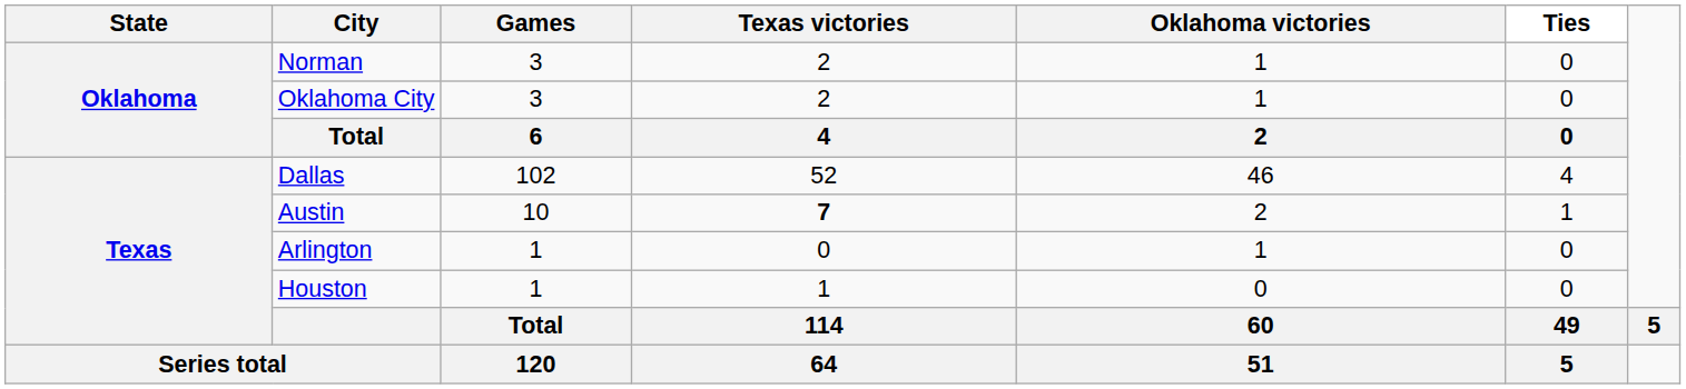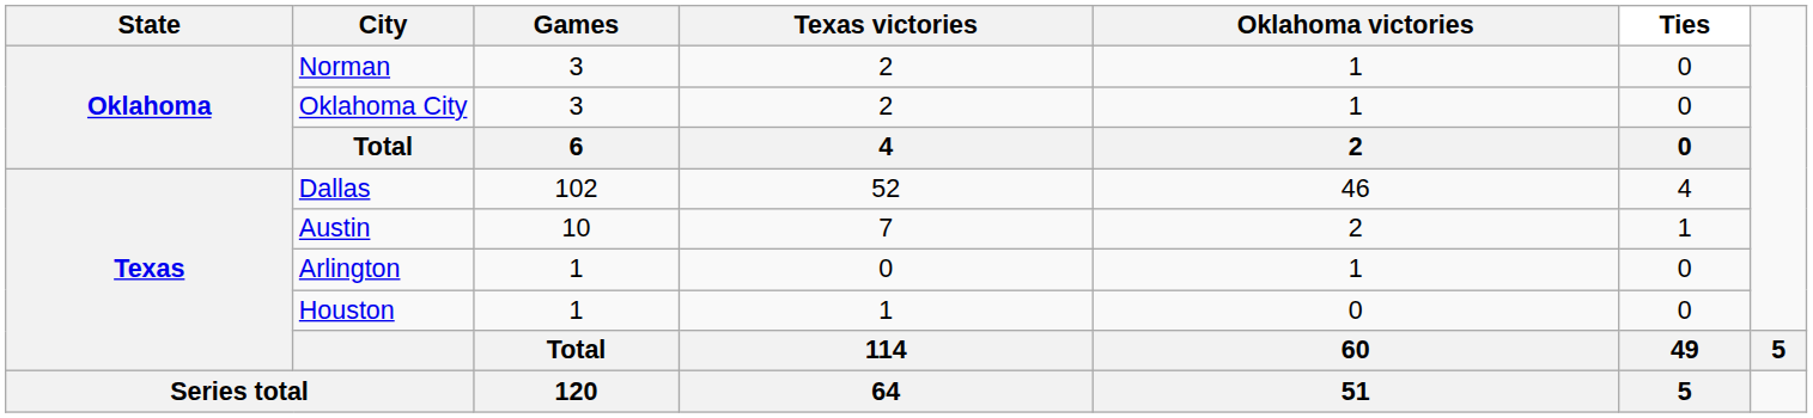 <table class="wikitable sortable">
 <tr>
 <th>State</th>
 <th width="10%">City</th>
 <th>Games</th>
 <th>Texas victories</th>
 <th>Oklahoma victories</th>
 <th style="text-align:center; background:white; color:black;">Ties</th>
 </tr>
 <tr>
 <th rowspan="3"><a href='#'>Oklahoma</a></th>
 <td><a href='#'>Norman</a></td>
 <td style="text-align:center;">3</td>
 <td style="text-align:center;">2</td>
 <td style="text-align:center;">1</td>
 <td style="text-align:center;">0</td>
 </tr>
 <tr>
 <td><a href='#'>Oklahoma City</a></td>
 <td style="text-align:center;">3</td>
 <td style="text-align:center;">2</td>
 <td style="text-align:center;">1</td>
 <td style="text-align:center;">0</td>
 </tr>
 <tr>
 <th>Total</th>
 <th>6</th>
 <th>4</th>
 <th>2</th>
 <th>0</th>
 </tr>
 <tr>
 <th rowspan="5"><a href='#'>Texas</a></th>
 <td><a href='#'>Dallas</a></td>
 <td style="text-align:center;">102</td>
 <td style="text-align:center;">52</td>
 <td style="text-align:center;">46</td>
 <td style="text-align:center;">4</td>
 </tr>
 <tr>
 <td><a href='#'>Austin</a></td>
 <td style="text-align:center;">10</td>
-<td style="text-align:center;"><strong>7</strong></td>
+<td style="text-align:center;">7</td>
 <td style="text-align:center;">2</td>
 <td style="text-align:center;">1</td>
 </tr>
 <tr>
 <td><a href='#'>Arlington</a></td>
 <td style="text-align:center;">1</td>
 <td style="text-align:center;">0</td>
 <td style="text-align:center;">1</td>
 <td style="text-align:center;">0</td>
 </tr>
 <tr>
 <td><a href='#'>Houston</a></td>
 <td style="text-align:center;">1</td>
 <td style="text-align:center;">1</td>
 <td style="text-align:center;">0</td>
 <td style="text-align:center;">0</td>
 </tr>
 <tr>
 <th></th>
 <th>Total</th>
 <th>114</th>
 <th>60</th>
 <th>49</th>
 <th>5</th>
 </tr>
 <tr>
 <th colspan="2">Series total</th>
 <th>120</th>
 <th>64</th>
 <th>51</th>
 <th>5</th>
 </tr>
 </table>
